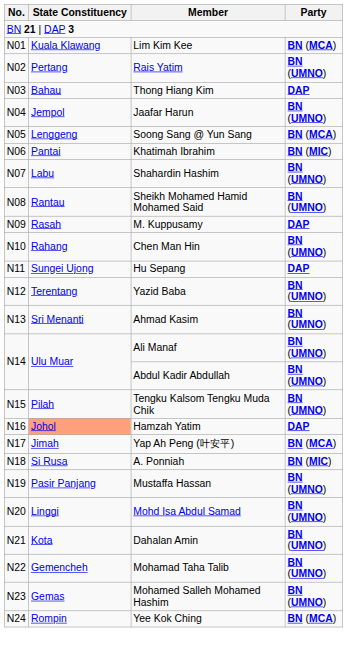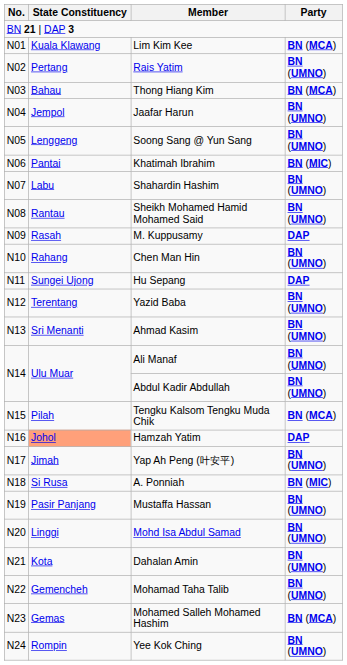 <table class="wikitable sortable">
 <tr>
 <th style="width:30px;">No.</th>
 <th style="width:150px;">State Constituency</th>
 <th style="width:230px;">Member</th>
 <th style="width:80px;">Party</th>
 </tr>
 <tr>
 <td colspan="4"><a href='#'>BN</a> <strong>21</strong> | <a href='#'>DAP</a> <strong>3</strong></td>
 </tr>
 <tr>
 <td>N01</td>
 <td><a href='#'>Kuala Klawang</a></td>
 <td>Lim Kim Kee</td>
 <td><strong><a href='#'>BN</a></strong> (<strong><a href='#'>MCA</a></strong>)</td>
 </tr>
 <tr>
 <td>N02</td>
 <td><a href='#'>Pertang</a></td>
 <td><a href='#'>Rais Yatim</a></td>
 <td><strong><a href='#'>BN</a></strong> (<strong><a href='#'>UMNO</a></strong>)</td>
 </tr>
 <tr>
 <td>N03</td>
 <td><a href='#'>Bahau</a></td>
 <td>Thong Hiang Kim</td>
-<td><strong><a href='#'>DAP</a></strong></td>
+<td><strong><a href='#'>BN</a></strong> (<strong><a href='#'>MCA</a></strong>)</td>
 </tr>
 <tr>
 <td>N04</td>
 <td><a href='#'>Jempol</a></td>
 <td>Jaafar Harun</td>
 <td><strong><a href='#'>BN</a></strong> (<strong><a href='#'>UMNO</a></strong>)</td>
 </tr>
 <tr>
 <td>N05</td>
 <td><a href='#'>Lenggeng</a></td>
 <td>Soong Sang @ Yun Sang</td>
-<td><strong><a href='#'>BN</a></strong> (<strong><a href='#'>MCA</a></strong>)</td>
+<td><strong><a href='#'>BN</a></strong> (<strong><a href='#'>UMNO</a></strong>)</td>
 </tr>
 <tr>
 <td>N06</td>
 <td><a href='#'>Pantai</a></td>
 <td>Khatimah Ibrahim</td>
 <td><strong><a href='#'>BN</a></strong> (<strong><a href='#'>MIC</a></strong>)</td>
 </tr>
 <tr>
 <td>N07</td>
 <td><a href='#'>Labu</a></td>
 <td>Shahardin Hashim</td>
 <td><strong><a href='#'>BN</a></strong> (<strong><a href='#'>UMNO</a></strong>)</td>
 </tr>
 <tr>
 <td>N08</td>
 <td><a href='#'>Rantau</a></td>
 <td>Sheikh Mohamed Hamid Mohamed Said</td>
 <td><strong><a href='#'>BN</a></strong> (<strong><a href='#'>UMNO</a></strong>)</td>
 </tr>
 <tr>
 <td>N09</td>
 <td><a href='#'>Rasah</a></td>
 <td>M. Kuppusamy</td>
 <td><strong><a href='#'>DAP</a></strong></td>
 </tr>
 <tr>
 <td>N10</td>
 <td><a href='#'>Rahang</a></td>
 <td>Chen Man Hin</td>
 <td><strong><a href='#'>BN</a></strong> (<strong><a href='#'>UMNO</a></strong>)</td>
 </tr>
 <tr>
 <td>N11</td>
 <td><a href='#'>Sungei Ujong</a></td>
 <td>Hu Sepang</td>
 <td><strong><a href='#'>DAP</a></strong></td>
 </tr>
 <tr>
 <td>N12</td>
 <td><a href='#'>Terentang</a></td>
 <td>Yazid Baba</td>
 <td><strong><a href='#'>BN</a></strong> (<strong><a href='#'>UMNO</a></strong>)</td>
 </tr>
 <tr>
 <td>N13</td>
 <td><a href='#'>Sri Menanti</a></td>
 <td>Ahmad Kasim</td>
 <td><strong><a href='#'>BN</a></strong> (<strong><a href='#'>UMNO</a></strong>)</td>
 </tr>
 <tr>
 <td rowspan=2>N14</td>
 <td rowspan=2><a href='#'>Ulu Muar</a></td>
 <td>Ali Manaf </td>
 <td><strong><a href='#'>BN</a></strong> (<strong><a href='#'>UMNO</a></strong>)</td>
 </tr>
 <tr>
 <td>Abdul Kadir Abdullah </td>
 <td><strong><a href='#'>BN</a></strong> (<strong><a href='#'>UMNO</a></strong>)</td>
 </tr>
 <tr>
 <td>N15</td>
 <td><a href='#'>Pilah</a></td>
 <td>Tengku Kalsom Tengku Muda Chik</td>
-<td><strong><a href='#'>BN</a></strong> (<strong><a href='#'>UMNO</a></strong>)</td>
+<td><strong><a href='#'>BN</a></strong> (<strong><a href='#'>MCA</a></strong>)</td>
 </tr>
 <tr>
 <td>N16</td>
 <td style="background: lightsalmon;"><a href='#'>Johol</a></td>
 <td>Hamzah Yatim</td>
 <td><strong><a href='#'>DAP</a></strong></td>
 </tr>
 <tr>
 <td>N17</td>
 <td><a href='#'>Jimah</a></td>
 <td>Yap Ah Peng (叶安平)</td>
-<td><strong><a href='#'>BN</a></strong> (<strong><a href='#'>MCA</a></strong>)</td>
+<td><strong><a href='#'>BN</a></strong> (<strong><a href='#'>UMNO</a></strong>)</td>
 </tr>
 <tr>
 <td>N18</td>
 <td><a href='#'>Si Rusa</a></td>
 <td>A. Ponniah</td>
 <td><strong><a href='#'>BN</a></strong> (<strong><a href='#'>MIC</a></strong>)</td>
 </tr>
 <tr>
 <td>N19</td>
 <td><a href='#'>Pasir Panjang</a></td>
 <td>Mustaffa Hassan</td>
 <td><strong><a href='#'>BN</a></strong> (<strong><a href='#'>UMNO</a></strong>)</td>
 </tr>
 <tr>
 <td>N20</td>
 <td><a href='#'>Linggi</a></td>
 <td><a href='#'>Mohd Isa Abdul Samad</a></td>
 <td><strong><a href='#'>BN</a></strong> (<strong><a href='#'>UMNO</a></strong>)</td>
 </tr>
 <tr>
 <td>N21</td>
 <td><a href='#'>Kota</a></td>
 <td>Dahalan Amin</td>
 <td><strong><a href='#'>BN</a></strong> (<strong><a href='#'>UMNO</a></strong>)</td>
 </tr>
 <tr>
 <td>N22</td>
 <td><a href='#'>Gemencheh</a></td>
 <td>Mohamad Taha Talib</td>
 <td><strong><a href='#'>BN</a></strong> (<strong><a href='#'>UMNO</a></strong>)</td>
 </tr>
 <tr>
 <td>N23</td>
 <td><a href='#'>Gemas</a></td>
 <td>Mohamed Salleh Mohamed Hashim</td>
-<td><strong><a href='#'>BN</a></strong> (<strong><a href='#'>UMNO</a></strong>)</td>
+<td><strong><a href='#'>BN</a></strong> (<strong><a href='#'>MCA</a></strong>)</td>
 </tr>
 <tr>
 <td>N24</td>
 <td><a href='#'>Rompin</a></td>
 <td>Yee Kok Ching</td>
-<td><strong><a href='#'>BN</a></strong> (<strong><a href='#'>MCA</a></strong>)</td>
+<td><strong><a href='#'>BN</a></strong> (<strong><a href='#'>UMNO</a></strong>)</td>
 </tr>
 </table>
